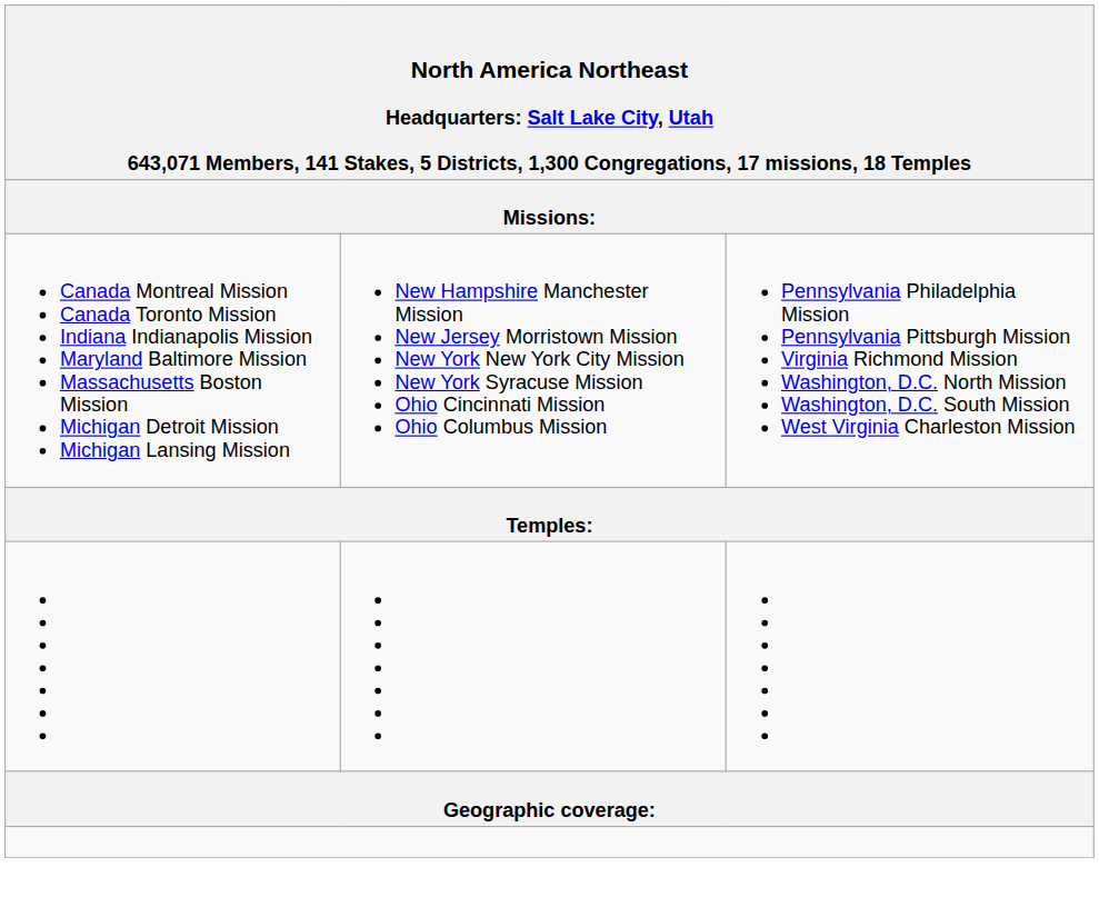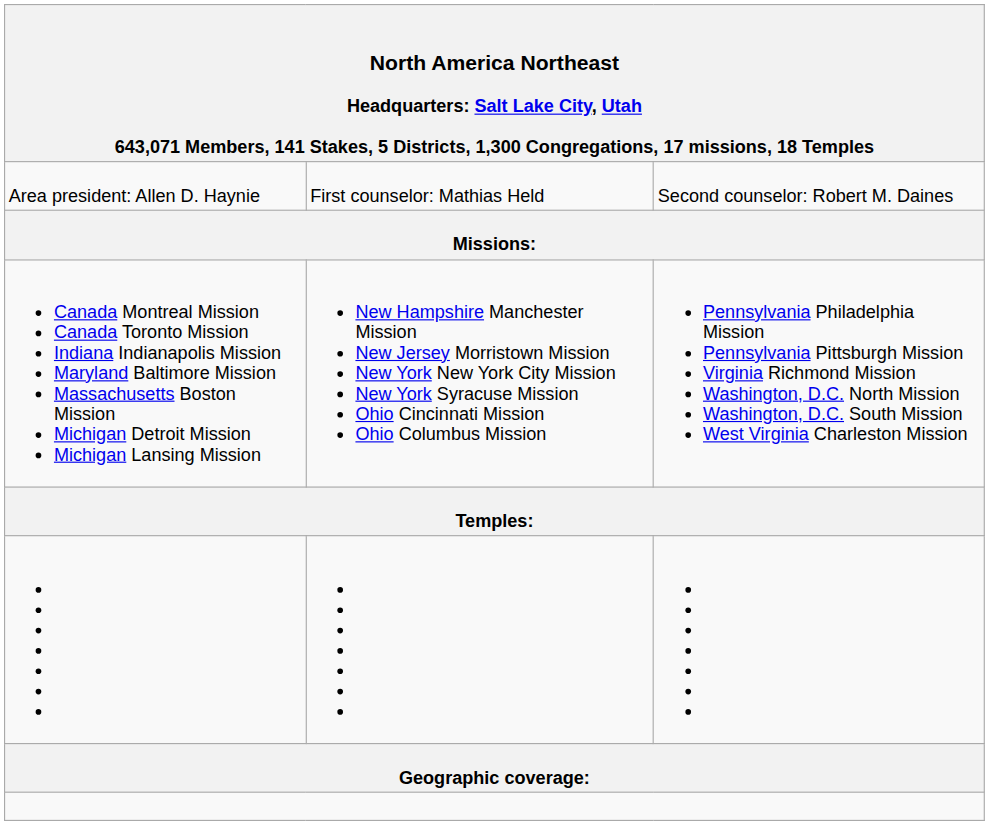 <table class=wikitable>
 <tr>
 <th colspan=3><br><h3>North America Northeast</h3>Headquarters:  <a href='#'>Salt Lake City</a>, <a href='#'>Utah</a><br><br>643,071 Members, 141 Stakes, 5 Districts, 1,300 Congregations, 17 missions, 18 Temples</th>
+</tr>
+<tr>
+<td style="vertical-align:top"><br>Area president: Allen D. Haynie</td>
+<td style="vertical-align:top"><br>First counselor: Mathias Held</td>
+<td style="vertical-align:top"><br>Second counselor: Robert M. Daines</td>
 </tr>
 <tr>
 <th colspan=3><br>Missions:</th>
 </tr>
 <tr>
 <td style="vertical-align:top"><br><ul><li><a href='#'>Canada</a> Montreal Mission</li><li><a href='#'>Canada</a> Toronto Mission</li><li><a href='#'>Indiana</a> Indianapolis Mission</li><li><a href='#'>Maryland</a> Baltimore Mission</li><li><a href='#'>Massachusetts</a> Boston Mission</li><li><a href='#'>Michigan</a> Detroit Mission</li><li><a href='#'>Michigan</a> Lansing Mission</li></ul></td>
 <td style="vertical-align:top"><br><ul><li><a href='#'>New Hampshire</a> Manchester Mission</li><li><a href='#'>New Jersey</a> Morristown Mission</li><li><a href='#'>New York</a> New York City Mission</li><li><a href='#'>New York</a> Syracuse Mission</li><li><a href='#'>Ohio</a> Cincinnati Mission</li><li><a href='#'>Ohio</a> Columbus Mission</li></ul></td>
 <td style="vertical-align:top"><br><ul><li><a href='#'>Pennsylvania</a> Philadelphia Mission</li><li><a href='#'>Pennsylvania</a> Pittsburgh Mission</li><li><a href='#'>Virginia</a> Richmond Mission</li><li><a href='#'>Washington, D.C.</a> North Mission</li><li><a href='#'>Washington, D.C.</a> South Mission</li><li><a href='#'>West Virginia</a> Charleston Mission</li></ul></td>
 </tr>
 <tr>
 <th colspan=3><br>Temples:</th>
 </tr>
 <tr>
 <td style="vertical-align:top"><br><ul><li></li><li></li><li></li><li></li><li></li><li></li><li></li></ul></td>
 <td style="vertical-align:top"><br><ul><li></li><li></li><li></li><li></li><li></li><li></li><li></li></ul></td>
 <td style="vertical-align:top"><br><ul><li></li><li></li><li></li><li></li><li></li><li></li><li></li></ul></td>
 </tr>
 <tr>
 <th colspan=3><br>Geographic coverage:</th>
 </tr>
 <tr>
 <td style="vertical-align:top" colspan=3><br></td>
 </tr>
 </table>
